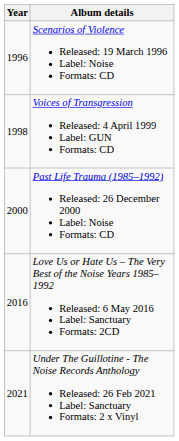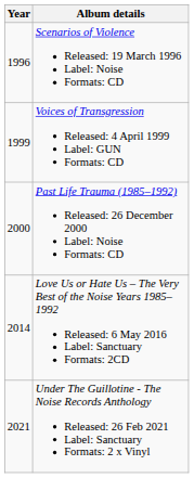 <table class="wikitable" border="1">
 <tr>
 <th width="10">Year</th>
 <th width="210">Album details</th>
 </tr>
 <tr>
 <td align="center">1996</td>
 <td><em><a href='#'>Scenarios of Violence</a></em><br><ul><li>Released: 19 March 1996</li><li>Label: Noise</li><li>Formats: CD</li></ul></td>
 </tr>
 <tr>
-<td align="center">1998</td>
+<td align="center">1999</td>
 <td><em><a href='#'>Voices of Transgression</a></em><br><ul><li>Released: 4 April 1999</li><li>Label: GUN</li><li>Formats: CD</li></ul></td>
 </tr>
 <tr>
 <td align="center">2000</td>
 <td><em><a href='#'>Past Life Trauma (1985–1992)</a></em><br><ul><li>Released: 26 December 2000</li><li>Label: Noise</li><li>Formats: CD</li></ul></td>
 </tr>
 <tr>
-<td align="center">2016</td>
+<td align="center">2014</td>
 <td><em>Love Us or Hate Us – The Very Best of the Noise Years 1985–1992</em><br><ul><li>Released: 6 May 2016</li><li>Label: Sanctuary</li><li>Formats: 2CD</li></ul></td>
 </tr>
 <tr>
 <td align="center">2021</td>
 <td><em>Under The Guillotine - The Noise Records Anthology</em><br><ul><li>Released: 26 Feb 2021</li><li>Label: Sanctuary</li><li>Formats: 2 x Vinyl</li></ul></td>
 </tr>
 </table>
